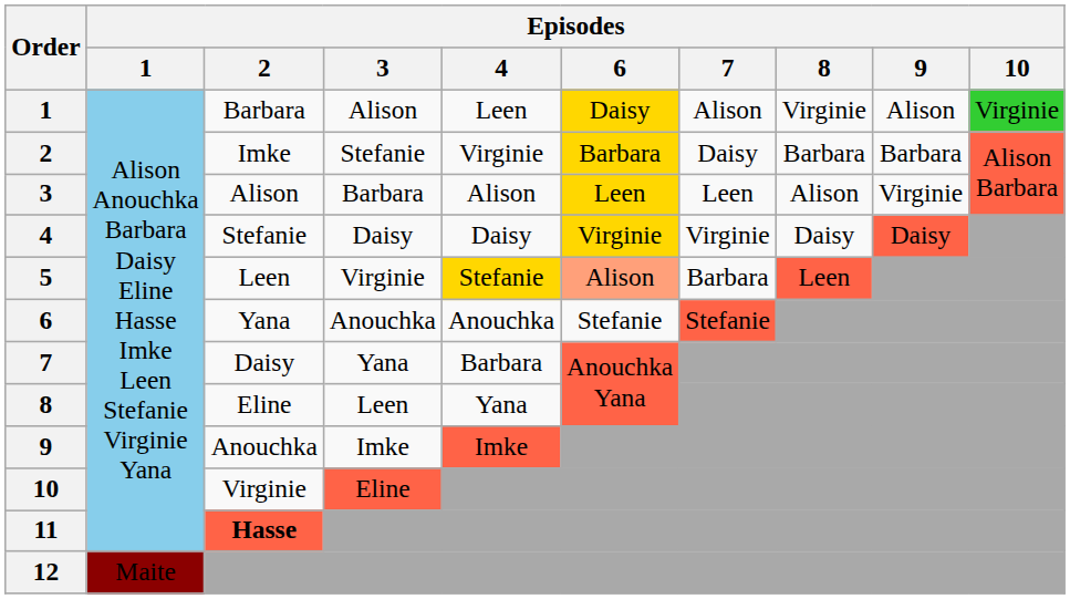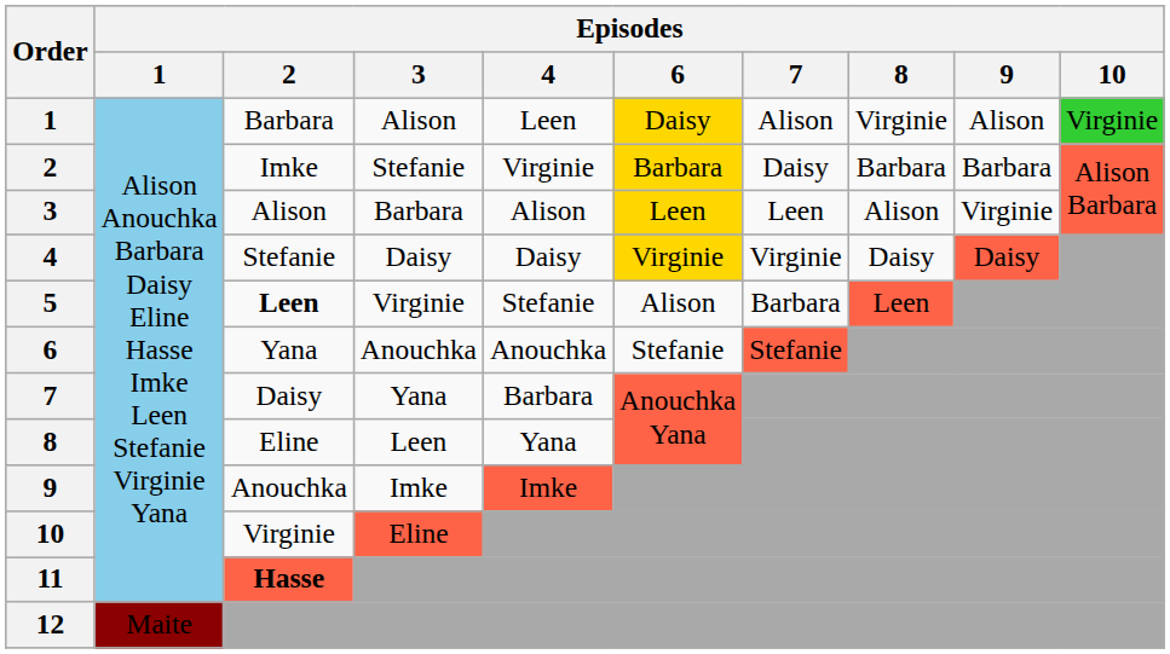 <table class="wikitable" style="text-align:center; font-size:92%">
 <tr>
 <th rowspan=2>Order</th>
 <th colspan=10>Episodes</th>
 </tr>
 <tr>
 <th>1</th>
 <th>2</th>
 <th>3</th>
 <th>4</th>
 <th>6</th>
 <th>7</th>
 <th>8</th>
 <th>9</th>
 <th>10</th>
 </tr>
 <tr>
 <th>1</th>
 <td rowspan="11"bgcolor="skyblue">Alison <br> Anouchka <br> Barbara <br> Daisy<br> Eline <br>Hasse<br>Imke <br>Leen <br>Stefanie <br>Virginie<br>Yana</td>
 <td>Barbara</td>
 <td>Alison</td>
 <td>Leen</td>
 <td bgcolor="gold">Daisy</td>
 <td>Alison</td>
 <td>Virginie</td>
 <td>Alison</td>
 <td bgcolor="limegreen">Virginie</td>
 </tr>
 <tr>
 <th>2</th>
 <td>Imke</td>
 <td>Stefanie</td>
 <td>Virginie</td>
 <td bgcolor="gold">Barbara</td>
 <td>Daisy</td>
 <td>Barbara</td>
 <td>Barbara</td>
 <td rowspan="2" bgcolor="tomato">Alison<br>Barbara</td>
 </tr>
 <tr>
 <th>3</th>
 <td>Alison</td>
 <td>Barbara</td>
 <td>Alison</td>
 <td bgcolor="gold">Leen</td>
 <td>Leen</td>
 <td>Alison</td>
 <td>Virginie</td>
 </tr>
 <tr>
 <th>4</th>
 <td>Stefanie</td>
 <td>Daisy</td>
 <td>Daisy</td>
 <td bgcolor="gold">Virginie</td>
 <td>Virginie</td>
 <td>Daisy</td>
 <td bgcolor="tomato">Daisy</td>
 <td bgcolor="darkgray"></td>
 </tr>
 <tr>
 <th>5</th>
-<td>Leen</td>
+<td><strong>Leen</strong></td>
 <td>Virginie</td>
-<td style="background: gold;">Stefanie</td>
-<td style="background: lightsalmon;">Alison</td>
+<td>Stefanie</td>
+<td>Alison</td>
 <td>Barbara</td>
 <td bgcolor="tomato">Leen</td>
 <td bgcolor="darkgray" colspan=2></td>
 </tr>
 <tr>
 <th>6</th>
 <td>Yana</td>
 <td>Anouchka</td>
 <td>Anouchka</td>
 <td>Stefanie</td>
 <td bgcolor="tomato">Stefanie</td>
 <td bgcolor="darkgray" colspan=3></td>
 </tr>
 <tr>
 <th>7</th>
 <td>Daisy</td>
 <td>Yana</td>
 <td>Barbara</td>
 <td rowspan="2" bgcolor="tomato">Anouchka<br>Yana</td>
 <td bgcolor="darkgray" colspan=4></td>
 </tr>
 <tr>
 <th>8</th>
 <td>Eline</td>
 <td>Leen</td>
 <td>Yana</td>
 <td bgcolor="darkgray" colspan=4></td>
 </tr>
 <tr>
 <th>9</th>
 <td>Anouchka</td>
 <td>Imke</td>
 <td bgcolor="tomato">Imke</td>
 <td bgcolor="darkgray" colspan=5></td>
 </tr>
 <tr>
 <th>10</th>
 <td>Virginie</td>
 <td bgcolor="tomato">Eline</td>
 <td bgcolor="darkgray" colspan=6></td>
 </tr>
 <tr>
 <th>11</th>
 <td bgcolor="tomato"><strong>Hasse</strong></td>
 <td bgcolor="darkgray" colspan=7></td>
 </tr>
 <tr>
 <th>12</th>
 <td bgcolor="darkred"><span>Maite</span></td>
 <td bgcolor="darkgray" colspan=8></td>
 </tr>
 </table>
